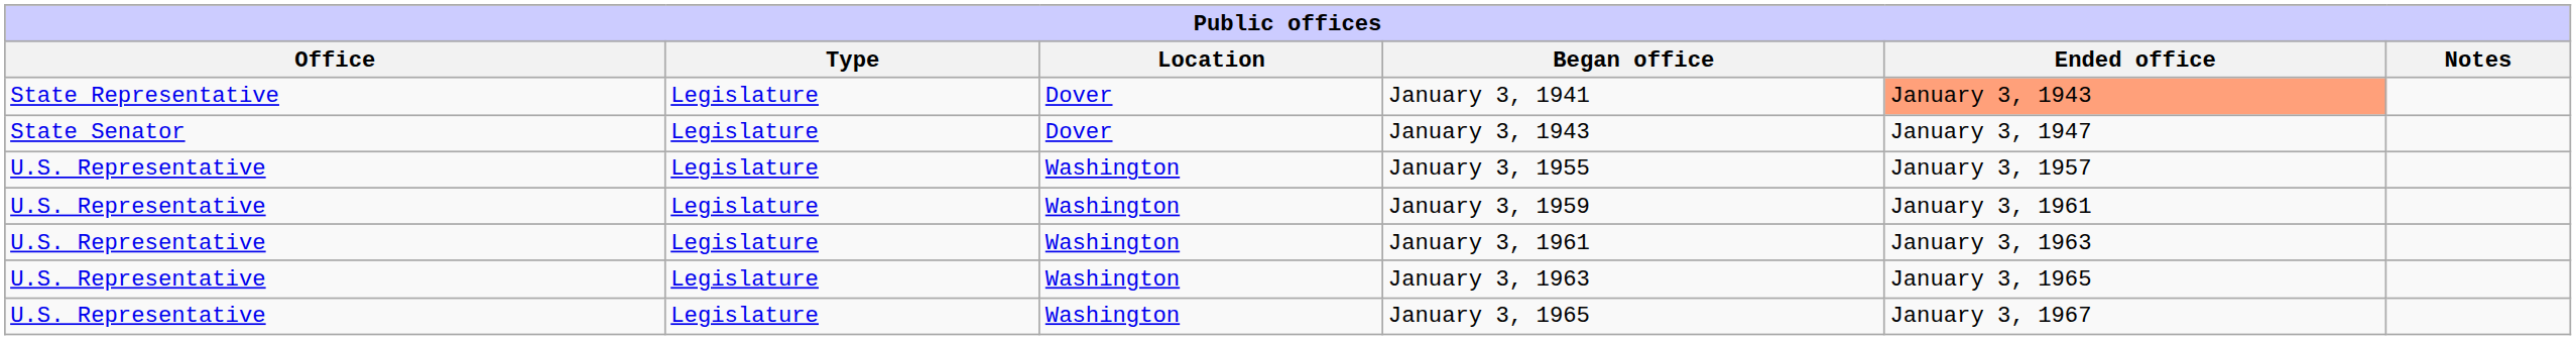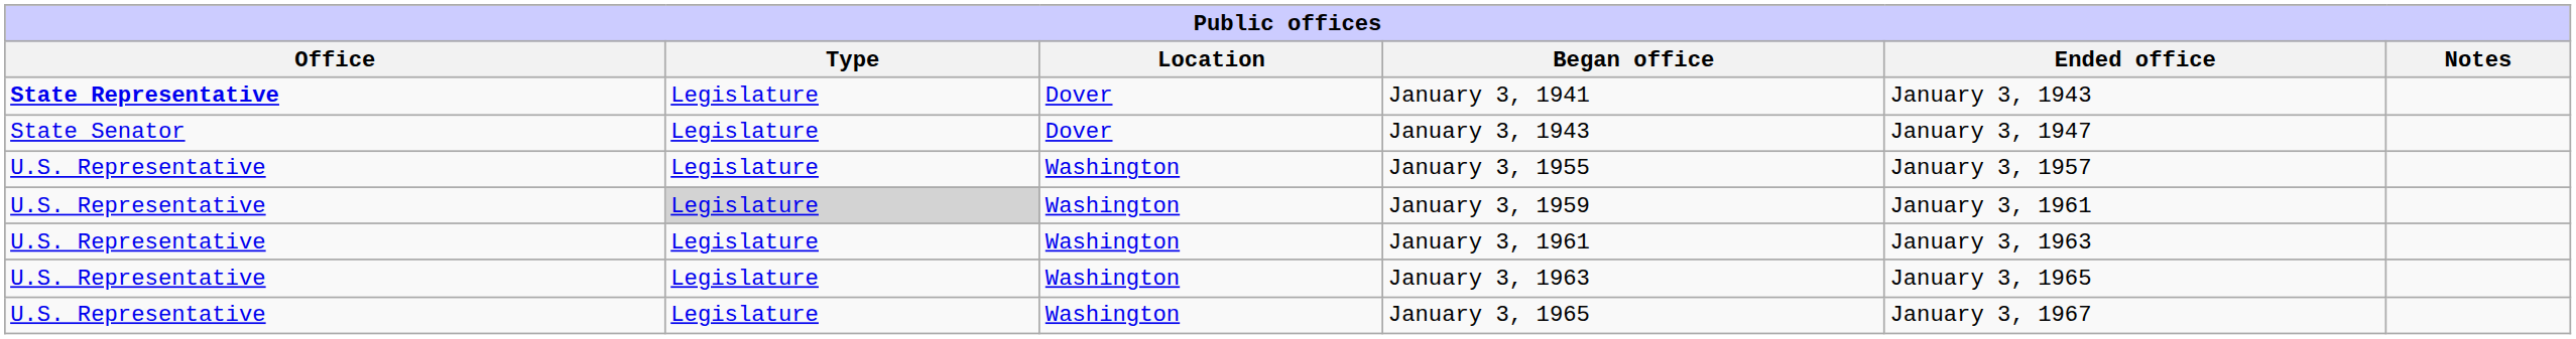 <table class=wikitable style="width: 94%" style="text-align: center;" align="center">
 <tr bgcolor=#cccccc>
 <th colspan=7 style="background: #ccccff;">Public offices</th>
 </tr>
 <tr>
 <th><strong>Office</strong></th>
 <th><strong>Type</strong></th>
 <th><strong>Location</strong></th>
 <th><strong>Began office</strong></th>
 <th><strong>Ended office</strong></th>
 <th><strong>Notes</strong></th>
 </tr>
 <tr>
-<td><a href='#'>State Representative</a></td>
+<td><strong><a href='#'>State Representative</a></strong></td>
 <td><a href='#'>Legislature</a></td>
 <td><a href='#'>Dover</a></td>
 <td>January 3, 1941</td>
-<td style="background: lightsalmon;">January 3, 1943</td>
+<td>January 3, 1943</td>
 <td></td>
 </tr>
 <tr>
 <td><a href='#'>State Senator</a></td>
 <td><a href='#'>Legislature</a></td>
 <td><a href='#'>Dover</a></td>
 <td>January 3, 1943</td>
 <td>January 3, 1947</td>
 <td></td>
 </tr>
 <tr>
 <td><a href='#'>U.S. Representative</a></td>
 <td><a href='#'>Legislature</a></td>
 <td><a href='#'>Washington</a></td>
 <td>January 3, 1955</td>
 <td>January 3, 1957</td>
 <td></td>
 </tr>
 <tr>
 <td><a href='#'>U.S. Representative</a></td>
-<td><a href='#'>Legislature</a></td>
+<td style="background: lightgrey;"><a href='#'>Legislature</a></td>
 <td><a href='#'>Washington</a></td>
 <td>January 3, 1959</td>
 <td>January 3, 1961</td>
 <td></td>
 </tr>
 <tr>
 <td><a href='#'>U.S. Representative</a></td>
 <td><a href='#'>Legislature</a></td>
 <td><a href='#'>Washington</a></td>
 <td>January 3, 1961</td>
 <td>January 3, 1963</td>
 <td></td>
 </tr>
 <tr>
 <td><a href='#'>U.S. Representative</a></td>
 <td><a href='#'>Legislature</a></td>
 <td><a href='#'>Washington</a></td>
 <td>January 3, 1963</td>
 <td>January 3, 1965</td>
 <td></td>
 </tr>
 <tr>
 <td><a href='#'>U.S. Representative</a></td>
 <td><a href='#'>Legislature</a></td>
 <td><a href='#'>Washington</a></td>
 <td>January 3, 1965</td>
 <td>January 3, 1967</td>
 <td></td>
 </tr>
 </table>
